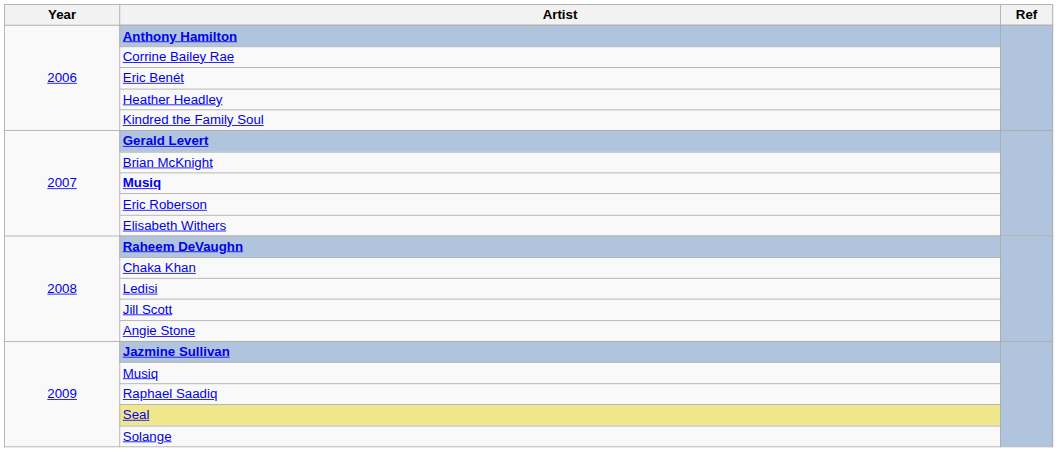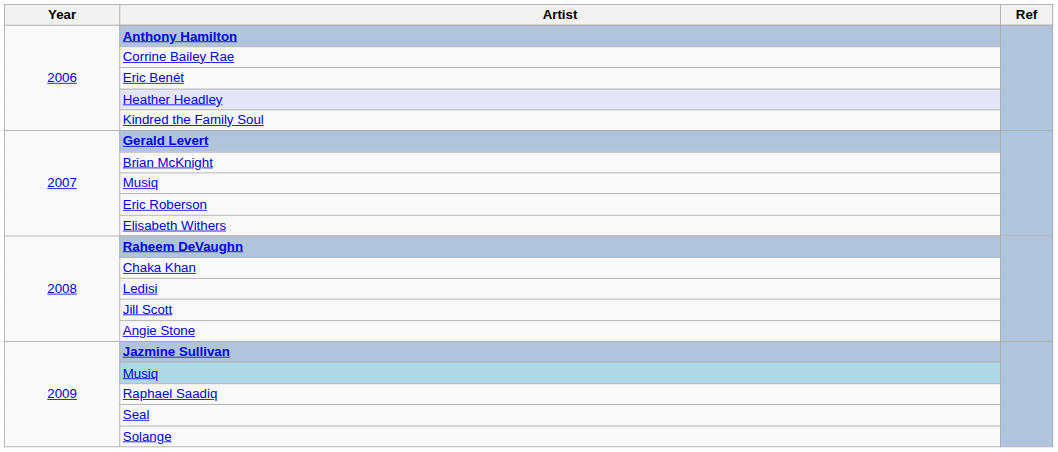 <table class="wikitable" style="width:100%;">
 <tr style="background:#bebebe;">
 <th style="width:11%;">Year</th>
 <th style="width:84%;">Artist</th>
 <th style="width:5%;">Ref</th>
 </tr>
 <tr>
 <td rowspan="6" align="center"><a href='#'>2006</a></td>
 </tr>
 <tr style="background:#B0C4DE">
 <td><strong><a href='#'>Anthony Hamilton</a></strong></td>
 <td rowspan="6" align="center"></td>
 </tr>
 <tr>
 <td><a href='#'>Corrine Bailey Rae</a></td>
 </tr>
 <tr>
 <td><a href='#'>Eric Benét</a></td>
 </tr>
 <tr>
-<td><a href='#'>Heather Headley</a></td>
+<td style="background: lavender;"><a href='#'>Heather Headley</a></td>
 </tr>
 <tr>
 <td><a href='#'>Kindred the Family Soul</a></td>
 </tr>
 <tr>
 <td rowspan="6" align="center"><a href='#'>2007</a></td>
 </tr>
 <tr style="background:#B0C4DE">
 <td><strong><a href='#'>Gerald Levert</a></strong></td>
 <td rowspan="6" align="center"></td>
 </tr>
 <tr>
 <td><a href='#'>Brian McKnight</a></td>
 </tr>
 <tr>
-<td><strong><a href='#'>Musiq</a></strong></td>
+<td><a href='#'>Musiq</a></td>
 </tr>
 <tr>
 <td><a href='#'>Eric Roberson</a></td>
 </tr>
 <tr>
 <td><a href='#'>Elisabeth Withers</a></td>
 </tr>
 <tr>
 <td rowspan="6" align="center"><a href='#'>2008</a></td>
 </tr>
 <tr style="background:#B0C4DE">
 <td><strong><a href='#'>Raheem DeVaughn</a></strong></td>
 <td rowspan="6" align="center"></td>
 </tr>
 <tr>
 <td><a href='#'>Chaka Khan</a></td>
 </tr>
 <tr>
 <td><a href='#'>Ledisi</a></td>
 </tr>
 <tr>
 <td><a href='#'>Jill Scott</a></td>
 </tr>
 <tr>
 <td><a href='#'>Angie Stone</a></td>
 </tr>
 <tr>
 <td rowspan="6" align="center"><a href='#'>2009</a></td>
 </tr>
 <tr style="background:#B0C4DE">
 <td><strong><a href='#'>Jazmine Sullivan</a></strong></td>
 <td rowspan="6" align="center"></td>
 </tr>
 <tr>
-<td><a href='#'>Musiq</a></td>
+<td style="background: lightblue;"><a href='#'>Musiq</a></td>
 </tr>
 <tr>
 <td><a href='#'>Raphael Saadiq</a></td>
 </tr>
 <tr>
-<td style="background: khaki;"><a href='#'>Seal</a></td>
+<td><a href='#'>Seal</a></td>
 </tr>
 <tr>
 <td><a href='#'>Solange</a></td>
 </tr>
 </table>
